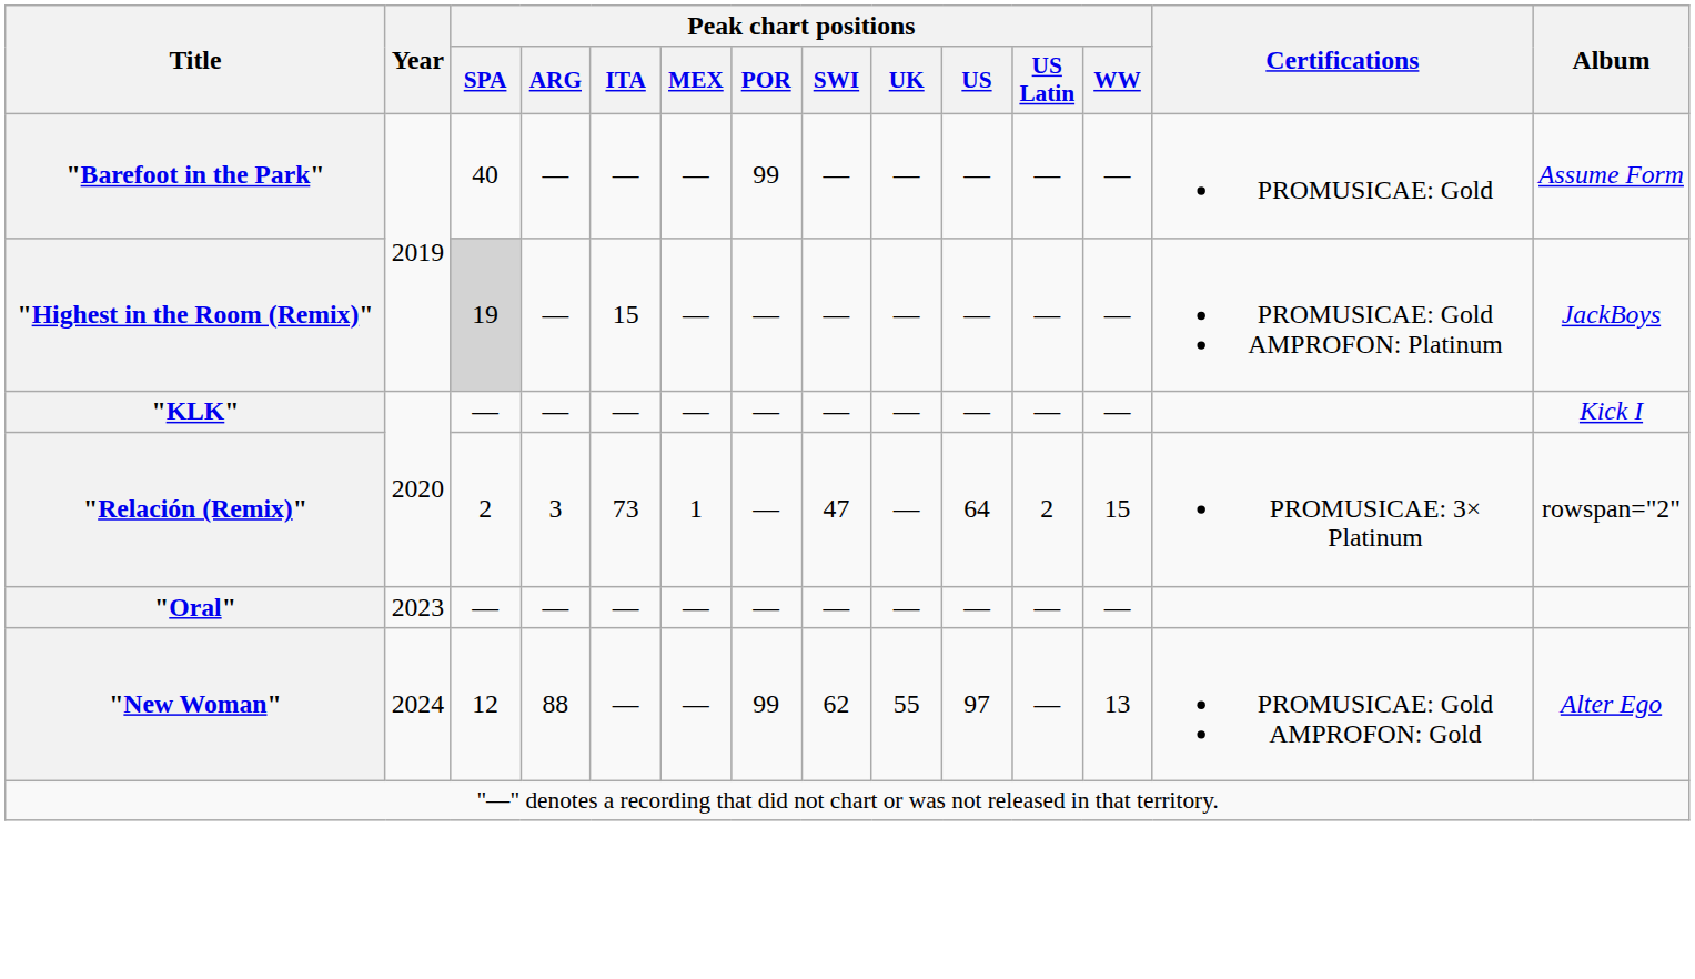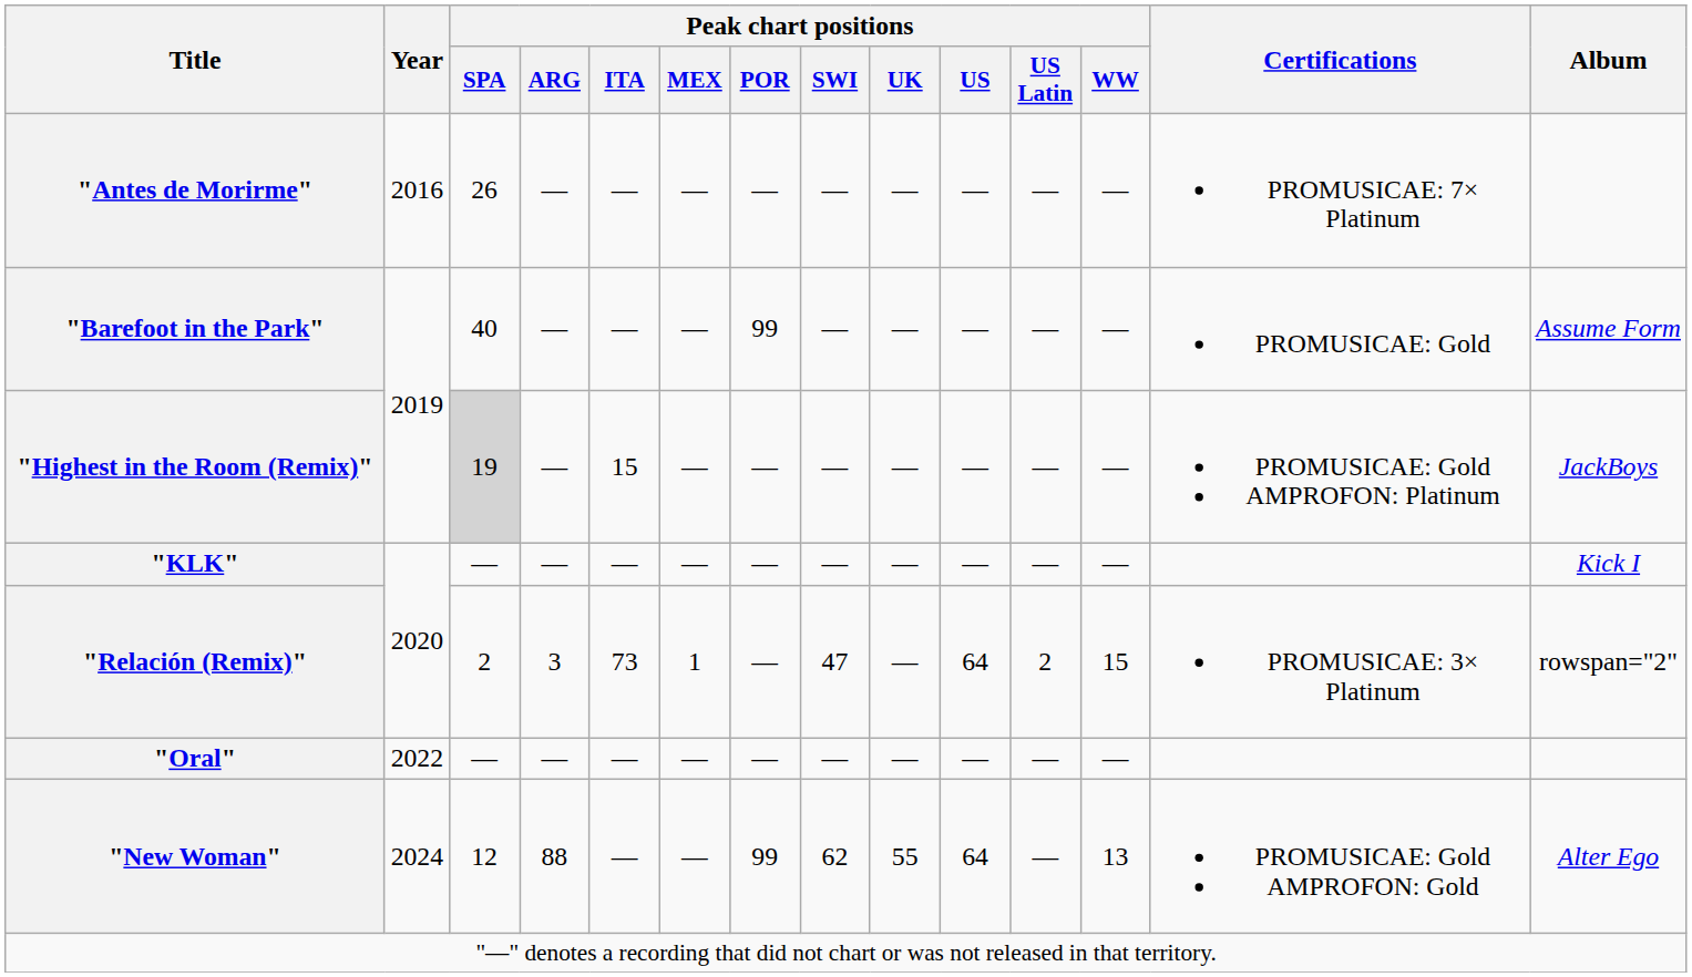 <table class="wikitable plainrowheaders" style="text-align:center;">
 <tr>
 <th scope="col" rowspan="2" style="width:14em;">Title</th>
 <th scope="col" rowspan="2" style="width:1em;">Year</th>
 <th scope="col" colspan="10">Peak chart positions</th>
 <th scope="col" rowspan="2" style="width:14em;"><a href='#'>Certifications</a></th>
 <th scope="col" rowspan="2">Album</th>
 </tr>
 <tr>
 <th scope="col" style="width:2.5em;font-size:90%;"><a href='#'>SPA</a><br></th>
 <th scope="col" style="width:2.5em;font-size:90%;"><a href='#'>ARG</a><br></th>
 <th scope="col" style="width:2.5em;font-size:90%;"><a href='#'>ITA</a><br></th>
 <th scope="col" style="width:2.5em;font-size:90%;"><a href='#'>MEX</a><br></th>
 <th scope="col" style="width:2.5em;font-size:90%;"><a href='#'>POR</a><br></th>
 <th scope="col" style="width:2.5em;font-size:90%;"><a href='#'>SWI</a><br></th>
 <th scope="col" style="width:2.5em;font-size:90%;"><a href='#'>UK</a><br></th>
 <th scope="col" style="width:2.5em;font-size:90%;"><a href='#'>US</a><br></th>
 <th scope="col" style="width:2.5em;font-size:90%;"><a href='#'>US<br>Latin</a><br></th>
 <th scope="col" style="width:2.5em;font-size:90%;"><a href='#'>WW</a><br></th>
+</tr>
+<tr>
+<th scope="row">"<a href='#'>Antes de Morirme</a>"<br></th>
+<td>2016</td>
+<td>26</td>
+<td>—</td>
+<td>—</td>
+<td>—</td>
+<td>—</td>
+<td>—</td>
+<td>—</td>
+<td>—</td>
+<td>—</td>
+<td>—</td>
+<td><br><ul><li>PROMUSICAE: 7× Platinum</li></ul></td>
+<td></td>
 </tr>
 <tr>
 <th scope="row">"<a href='#'>Barefoot in the Park</a>"<br></th>
 <td rowspan="2">2019</td>
 <td>40</td>
 <td>—</td>
 <td>—</td>
 <td>—</td>
 <td>99</td>
 <td>—</td>
 <td>—</td>
 <td>—</td>
 <td>—</td>
 <td>—</td>
 <td><br><ul><li>PROMUSICAE: Gold</li></ul></td>
 <td><em><a href='#'>Assume Form</a></em></td>
 </tr>
 <tr>
 <th scope="row">"<a href='#'>Highest in the Room (Remix)</a>"<br></th>
 <td style="background: lightgrey;">19</td>
 <td>—</td>
 <td>15</td>
 <td>—</td>
 <td>—</td>
 <td>—</td>
 <td>—</td>
 <td>—</td>
 <td>—</td>
 <td>—</td>
 <td><br><ul><li>PROMUSICAE: Gold</li><li>AMPROFON: Platinum</li></ul></td>
 <td><em><a href='#'>JackBoys</a></em></td>
 </tr>
 <tr>
 <th scope="row">"<a href='#'>KLK</a>"<br></th>
 <td rowspan="2">2020</td>
 <td>—</td>
 <td>—</td>
 <td>—</td>
 <td>—</td>
 <td>—</td>
 <td>—</td>
 <td>—</td>
 <td>—</td>
 <td>—</td>
 <td>—</td>
 <td></td>
 <td><em><a href='#'>Kick I</a></em></td>
 </tr>
 <tr>
 <th scope="row">"<a href='#'>Relación (Remix)</a>"<br></th>
 <td>2</td>
 <td>3</td>
 <td>73</td>
 <td>1</td>
 <td>—</td>
 <td>47</td>
 <td>—</td>
 <td>64</td>
 <td>2</td>
 <td>15</td>
 <td><br><ul><li>PROMUSICAE: 3× Platinum</li></ul></td>
 <td>rowspan="2" </td>
 </tr>
 <tr>
 <th scope="row">"<a href='#'>Oral</a>"<br></th>
-<td>2023</td>
+<td>2022</td>
 <td>—</td>
 <td>—</td>
 <td>—</td>
 <td>—</td>
 <td>—</td>
 <td>—</td>
 <td>—</td>
 <td>—</td>
 <td>—</td>
 <td>—</td>
 <td></td>
 </tr>
 <tr>
 <th scope="row">"<a href='#'>New Woman</a>"<br></th>
 <td>2024</td>
 <td>12</td>
 <td>88</td>
 <td>—</td>
 <td>—</td>
 <td>99</td>
 <td>62</td>
 <td>55</td>
-<td>97</td>
+<td>64</td>
 <td>—</td>
 <td>13</td>
 <td><br><ul><li>PROMUSICAE: Gold</li><li>AMPROFON: Gold</li></ul></td>
 <td><em><a href='#'>Alter Ego</a></em></td>
 </tr>
 <tr>
 <td colspan="14" style="font-size:90%">"—" denotes a recording that did not chart or was not released in that territory.</td>
 </tr>
 </table>
